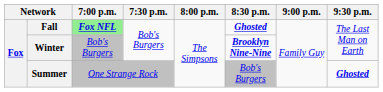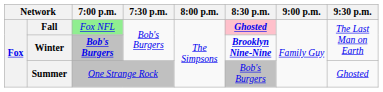 <table class="wikitable sortable" style="width:100%;margin-right:0;text-align:center">
 <tr>
 <th colspan="2" style="width:11.5%;">Network</th>
 <th style="width:11.5%;">7:00 p.m.</th>
 <th style="width:11.5%;">7:30 p.m.</th>
 <th style="width:11.5%;">8:00 p.m.</th>
 <th style="width:11.5%;">8:30 p.m.</th>
 <th style="width:11.5%;">9:00 p.m.</th>
 <th style="width:11.5%;">9:30 p.m.</th>
 </tr>
 <tr>
 <th rowspan="7"><a href='#'>Fox</a></th>
 <th>Fall</th>
-<td style="background:lightgreen"><strong><em><a href='#'>Fox NFL</a></em></strong></td>
+<td style="background:lightgreen"><em><a href='#'>Fox NFL</a></em></td>
 <td rowspan="2"><em><a href='#'>Bob's Burgers</a></em></td>
 <td rowspan="3"><em><a href='#'>The Simpsons</a></em></td>
-<td><strong><em><a href='#'>Ghosted</a></em></strong></td>
+<td style="background: pink;"><strong><em><a href='#'>Ghosted</a></em></strong></td>
 <td rowspan="3"><em><a href='#'>Family Guy</a></em></td>
 <td rowspan="2"><em><a href='#'>The Last Man on Earth</a></em></td>
 </tr>
 <tr>
 <th>Winter</th>
-<td style="background:#C0C0C0;"><em><a href='#'>Bob's Burgers</a></em> </td>
+<td style="background:#C0C0C0;"><strong><em><a href='#'>Bob's Burgers</a></em> </strong></td>
 <td><strong><em><a href='#'>Brooklyn Nine-Nine</a></em></strong></td>
 </tr>
 <tr>
 <th>Summer</th>
 <td colspan="2" style="background:#C0C0C0;"><em><a href='#'>One Strange Rock</a></em> </td>
 <td style="background:#C0C0C0;"><em><a href='#'>Bob's Burgers</a></em> </td>
-<td><strong><em><a href='#'>Ghosted</a></em></strong></td>
+<td><em><a href='#'>Ghosted</a></em></td>
 </tr>
 </table>
